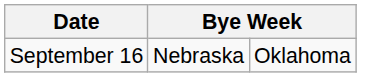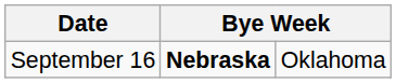 <table class="wikitable" style="font-size:95%">
 <tr>
 <th>Date</th>
 <th colspan="2">Bye Week</th>
 </tr>
 <tr>
 <td>September 16</td>
-<td>Nebraska</td>
+<td><strong>Nebraska</strong></td>
 <td>Oklahoma</td>
 </tr>
 </table>
